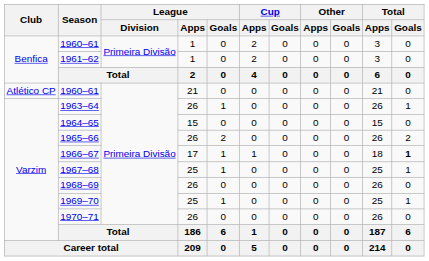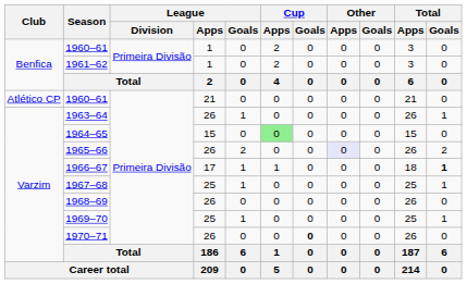 <table class="wikitable" style="text-align: center">
 <tr>
 <th rowspan="2">Club</th>
 <th rowspan="2">Season</th>
 <th colspan="3">League</th>
 <th colspan="2"><a href='#'>Cup</a></th>
 <th colspan="2">Other</th>
 <th colspan="2">Total</th>
 </tr>
 <tr>
 <th>Division</th>
 <th>Apps</th>
 <th>Goals</th>
 <th>Apps</th>
 <th>Goals</th>
 <th>Apps</th>
 <th>Goals</th>
 <th>Apps</th>
 <th>Goals</th>
 </tr>
 <tr>
 <td rowspan="3"><a href='#'>Benfica</a></td>
 <td><a href='#'>1960–61</a></td>
 <td rowspan="2"><a href='#'>Primeira Divisão</a></td>
 <td>1</td>
 <td>0</td>
 <td>2</td>
 <td>0</td>
 <td>0</td>
 <td>0</td>
 <td>3</td>
 <td>0</td>
 </tr>
 <tr>
 <td><a href='#'>1961–62</a></td>
 <td>1</td>
 <td>0</td>
 <td>2</td>
 <td>0</td>
 <td>0</td>
 <td>0</td>
 <td>3</td>
 <td>0</td>
 </tr>
 <tr>
 <th colspan="2"><strong>Total</strong></th>
 <th>2</th>
 <th>0</th>
 <th>4</th>
 <th>0</th>
 <th>0</th>
 <th>0</th>
 <th>6</th>
 <th>0</th>
 </tr>
 <tr>
 <td><a href='#'>Atlético CP</a></td>
 <td><a href='#'>1960–61</a></td>
 <td rowspan="9"><a href='#'>Primeira Divisão</a></td>
 <td>21</td>
 <td>0</td>
 <td>0</td>
 <td>0</td>
 <td>0</td>
 <td>0</td>
 <td>21</td>
 <td>0</td>
 </tr>
 <tr>
 <td rowspan="9"><a href='#'>Varzim</a></td>
 <td><a href='#'>1963–64</a></td>
 <td>26</td>
 <td>1</td>
 <td>0</td>
 <td>0</td>
 <td>0</td>
 <td>0</td>
 <td>26</td>
 <td>1</td>
 </tr>
 <tr>
 <td><a href='#'>1964–65</a></td>
 <td>15</td>
 <td>0</td>
-<td>0</td>
+<td style="background: lightgreen;">0</td>
 <td>0</td>
 <td>0</td>
 <td>0</td>
 <td>15</td>
 <td>0</td>
 </tr>
 <tr>
 <td><a href='#'>1965–66</a></td>
 <td>26</td>
 <td>2</td>
 <td>0</td>
 <td>0</td>
-<td>0</td>
+<td style="background: lavender;">0</td>
 <td>0</td>
 <td>26</td>
 <td>2</td>
 </tr>
 <tr>
 <td><a href='#'>1966–67</a></td>
 <td>17</td>
 <td>1</td>
 <td>1</td>
 <td>0</td>
 <td>0</td>
 <td>0</td>
 <td>18</td>
 <td><strong>1</strong></td>
 </tr>
 <tr>
 <td><a href='#'>1967–68</a></td>
 <td>25</td>
 <td>1</td>
 <td>0</td>
 <td>0</td>
 <td>0</td>
 <td>0</td>
 <td>25</td>
 <td>1</td>
 </tr>
 <tr>
 <td><a href='#'>1968–69</a></td>
 <td>26</td>
 <td>0</td>
 <td>0</td>
 <td>0</td>
 <td>0</td>
 <td>0</td>
 <td>26</td>
 <td>0</td>
 </tr>
 <tr>
 <td><a href='#'>1969–70</a></td>
 <td>25</td>
 <td>1</td>
 <td>0</td>
 <td>0</td>
 <td>0</td>
 <td>0</td>
 <td>25</td>
 <td>1</td>
 </tr>
 <tr>
 <td><a href='#'>1970–71</a></td>
 <td>26</td>
 <td>0</td>
 <td>0</td>
-<td>0</td>
+<td><strong>0</strong></td>
 <td>0</td>
 <td>0</td>
 <td>26</td>
 <td>0</td>
 </tr>
 <tr>
 <th colspan="2"><strong>Total</strong></th>
 <th>186</th>
 <th>6</th>
 <th>1</th>
 <th>0</th>
 <th>0</th>
 <th>0</th>
 <th>187</th>
 <th>6</th>
 </tr>
 <tr>
 <th colspan="3"><strong>Career total</strong></th>
 <th>209</th>
 <th>0</th>
 <th>5</th>
 <th>0</th>
 <th>0</th>
 <th>0</th>
 <th>214</th>
 <th>0</th>
 </tr>
 </table>
